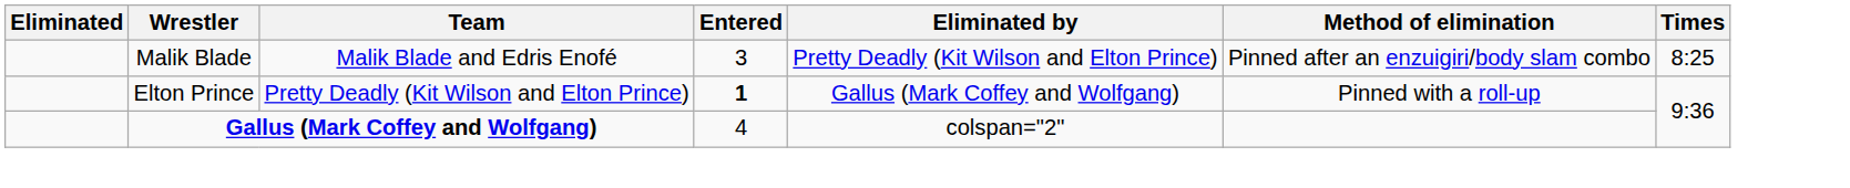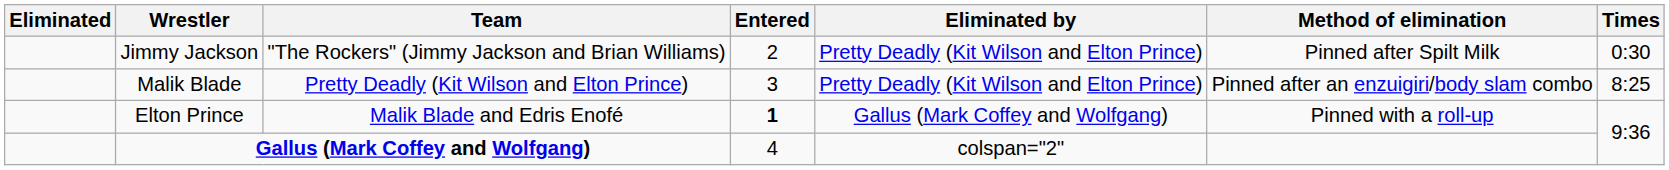 <table class="wikitable sortable" style="text-align:center;">
 <tr>
 <th>Eliminated</th>
 <th>Wrestler</th>
 <th>Team</th>
 <th>Entered</th>
 <th>Eliminated by</th>
 <th>Method of elimination</th>
 <th>Times</th>
 </tr>
 <tr>
 <td></td>
+<td>Jimmy Jackson</td>
+<td>"The Rockers" (Jimmy Jackson and Brian Williams)</td>
+<td>2</td>
+<td><a href='#'>Pretty Deadly</a> (<a href='#'>Kit Wilson</a> and <a href='#'>Elton Prince</a>)</td>
+<td>Pinned after Spilt Milk</td>
+<td>0:30</td>
+</tr>
+<tr>
+<td></td>
 <td>Malik Blade</td>
-<td><a href='#'>Malik Blade</a> and Edris Enofé</td>
+<td><a href='#'>Pretty Deadly</a> (<a href='#'>Kit Wilson</a> and <a href='#'>Elton Prince</a>)</td>
 <td>3</td>
 <td><a href='#'>Pretty Deadly</a> (<a href='#'>Kit Wilson</a> and <a href='#'>Elton Prince</a>)</td>
 <td>Pinned after an <a href='#'>enzuigiri</a>/<a href='#'>body slam</a> combo</td>
 <td>8:25</td>
 </tr>
 <tr>
 <td></td>
 <td>Elton Prince</td>
-<td><a href='#'>Pretty Deadly</a> (<a href='#'>Kit Wilson</a> and <a href='#'>Elton Prince</a>)</td>
+<td><a href='#'>Malik Blade</a> and Edris Enofé</td>
 <td><strong>1</strong></td>
 <td><a href='#'>Gallus</a> (<a href='#'>Mark Coffey</a> and <a href='#'>Wolfgang</a>)</td>
 <td>Pinned with a <a href='#'>roll-up</a></td>
 <td rowspan=2>9:36</td>
 </tr>
 <tr>
 <td><strong></strong></td>
 <td colspan="2"><strong><a href='#'>Gallus</a> (<a href='#'>Mark Coffey</a> and <a href='#'>Wolfgang</a>)</strong></td>
 <td>4</td>
 <td>colspan="2" </td>
 </tr>
 </table>
